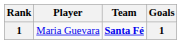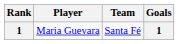 <table class="wikitable" style="text-align:center; font-size:90%">
 <tr>
 <th>Rank</th>
 <th>Player</th>
 <th>Team</th>
 <th>Goals</th>
 </tr>
 <tr>
 <th rowspan=4>1</th>
 <td align=left> <a href='#'>Maria Guevara</a></td>
-<td align=left><strong> <a href='#'>Santa Fé</a></strong></td>
+<td align=left> <a href='#'>Santa Fé</a></td>
 <th rowspan=4>1</th>
 </tr>
 </table>
